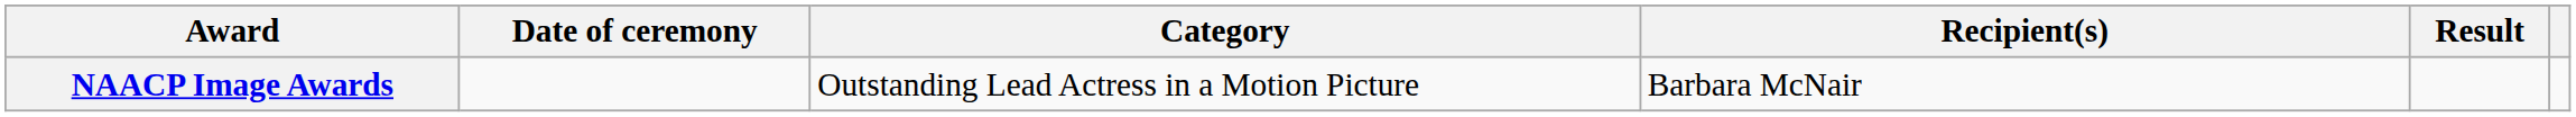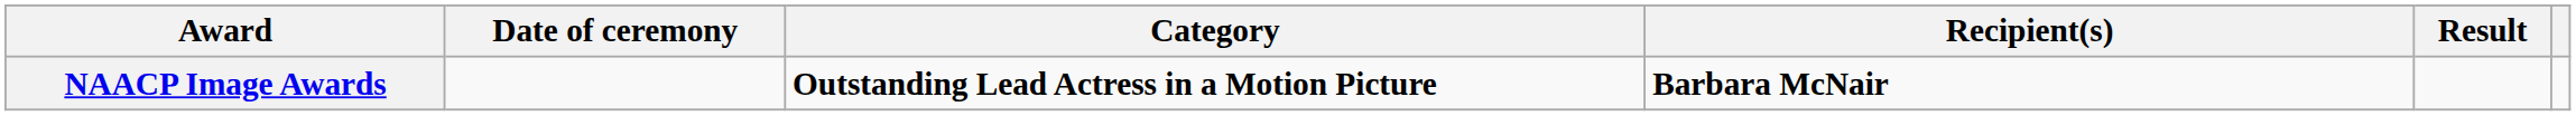 <table class="wikitable sortable plainrowheaders" style="width: 99%;">
 <tr>
 <th scope="col">Award</th>
 <th scope="col">Date of ceremony</th>
 <th scope="col">Category</th>
 <th scope="col" style="width:30%;">Recipient(s)</th>
 <th scope="col">Result</th>
 <th scope="col" class="unsortable"></th>
 </tr>
 <tr>
 <th scope="rowgroup" rowspan="4"><a href='#'>NAACP Image Awards</a></th>
 <td rowspan="4"><a href='#'></a></td>
-<td>Outstanding Lead Actress in a Motion Picture</td>
-<td>Barbara McNair</td>
+<td><strong>Outstanding Lead Actress in a Motion Picture</strong></td>
+<td><strong>Barbara McNair</strong></td>
 <td></td>
 <td></td>
 </tr>
 </table>
